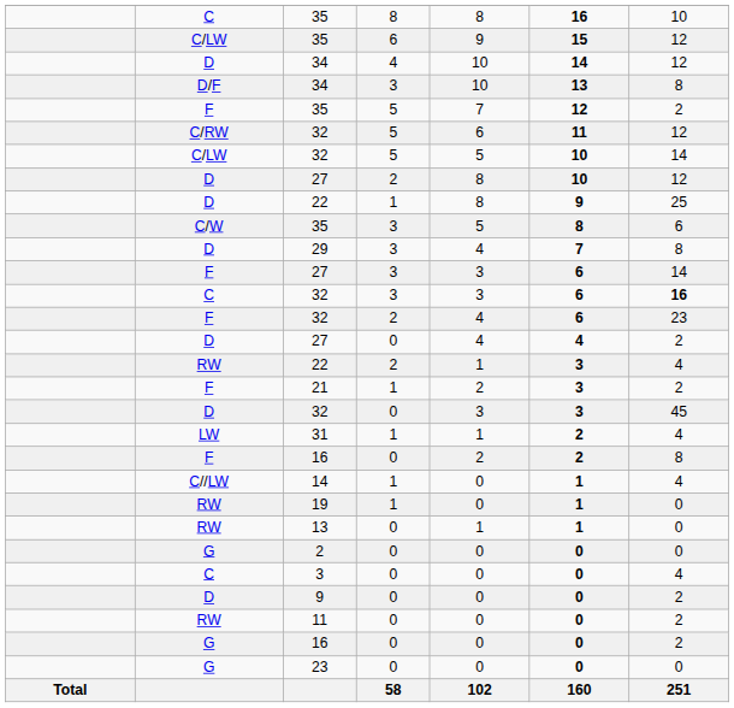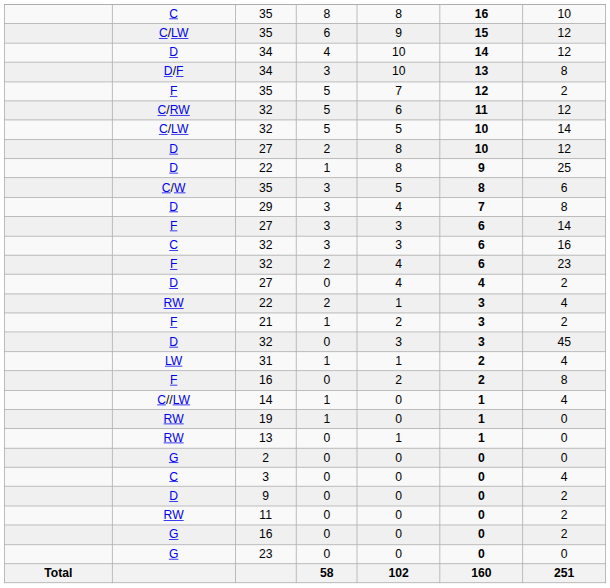 <table class="wikitable sortable" width ="50%">
 <tr align="center">
 </tr>
 <tr align="center" bgcolor="">
 <td></td>
 <td><a href='#'>C</a></td>
 <td>35</td>
 <td>8</td>
 <td>8</td>
 <td><strong>16</strong></td>
 <td>10</td>
 </tr>
 <tr align="center" bgcolor="f0f0f0">
 <td></td>
 <td><a href='#'>C</a>/<a href='#'>LW</a></td>
 <td>35</td>
 <td>6</td>
 <td>9</td>
 <td><strong>15</strong></td>
 <td>12</td>
 </tr>
 <tr align="center" bgcolor="">
 <td></td>
 <td><a href='#'>D</a></td>
 <td>34</td>
 <td>4</td>
 <td>10</td>
 <td><strong>14</strong></td>
 <td>12</td>
 </tr>
 <tr align="center" bgcolor="f0f0f0">
 <td></td>
 <td><a href='#'>D</a>/<a href='#'>F</a></td>
 <td>34</td>
 <td>3</td>
 <td>10</td>
 <td><strong>13</strong></td>
 <td>8</td>
 </tr>
 <tr align="center" bgcolor="">
 <td></td>
 <td><a href='#'>F</a></td>
 <td>35</td>
 <td>5</td>
 <td>7</td>
 <td><strong>12</strong></td>
 <td>2</td>
 </tr>
 <tr align="center" bgcolor="f0f0f0">
 <td></td>
 <td><a href='#'>C</a>/<a href='#'>RW</a></td>
 <td>32</td>
 <td>5</td>
 <td>6</td>
 <td><strong>11</strong></td>
 <td>12</td>
 </tr>
 <tr align="center" bgcolor="">
 <td></td>
 <td><a href='#'>C</a>/<a href='#'>LW</a></td>
 <td>32</td>
 <td>5</td>
 <td>5</td>
 <td><strong>10</strong></td>
 <td>14</td>
 </tr>
 <tr align="center" bgcolor="f0f0f0">
 <td></td>
 <td><a href='#'>D</a></td>
 <td>27</td>
 <td>2</td>
 <td>8</td>
 <td><strong>10</strong></td>
 <td>12</td>
 </tr>
 <tr align="center" bgcolor="">
 <td></td>
 <td><a href='#'>D</a></td>
 <td>22</td>
 <td>1</td>
 <td>8</td>
 <td><strong>9</strong></td>
 <td>25</td>
 </tr>
 <tr align="center" bgcolor="f0f0f0">
 <td></td>
 <td><a href='#'>C</a>/<a href='#'>W</a></td>
 <td>35</td>
 <td>3</td>
 <td>5</td>
 <td><strong>8</strong></td>
 <td>6</td>
 </tr>
 <tr align="center" bgcolor="">
 <td></td>
 <td><a href='#'>D</a></td>
 <td>29</td>
 <td>3</td>
 <td>4</td>
 <td><strong>7</strong></td>
 <td>8</td>
 </tr>
 <tr align="center" bgcolor="f0f0f0">
 <td></td>
 <td><a href='#'>F</a></td>
 <td>27</td>
 <td>3</td>
 <td>3</td>
 <td><strong>6</strong></td>
 <td>14</td>
 </tr>
 <tr align="center" bgcolor="">
 <td></td>
 <td><a href='#'>C</a></td>
 <td>32</td>
 <td>3</td>
 <td>3</td>
 <td><strong>6</strong></td>
-<td><strong>16</strong></td>
+<td>16</td>
 </tr>
 <tr align="center" bgcolor="f0f0f0">
 <td></td>
 <td><a href='#'>F</a></td>
 <td>32</td>
 <td>2</td>
 <td>4</td>
 <td><strong>6</strong></td>
 <td>23</td>
 </tr>
 <tr align="center" bgcolor="">
 <td></td>
 <td><a href='#'>D</a></td>
 <td>27</td>
 <td>0</td>
 <td>4</td>
 <td><strong>4</strong></td>
 <td>2</td>
 </tr>
 <tr align="center" bgcolor="f0f0f0">
 <td></td>
 <td><a href='#'>RW</a></td>
 <td>22</td>
 <td>2</td>
 <td>1</td>
 <td><strong>3</strong></td>
 <td>4</td>
 </tr>
 <tr align="center" bgcolor="">
 <td></td>
 <td><a href='#'>F</a></td>
 <td>21</td>
 <td>1</td>
 <td>2</td>
 <td><strong>3</strong></td>
 <td>2</td>
 </tr>
 <tr align="center" bgcolor="f0f0f0">
 <td></td>
 <td><a href='#'>D</a></td>
 <td>32</td>
 <td>0</td>
 <td>3</td>
 <td><strong>3</strong></td>
 <td>45</td>
 </tr>
 <tr align="center" bgcolor="">
 <td></td>
 <td><a href='#'>LW</a></td>
 <td>31</td>
 <td>1</td>
 <td>1</td>
 <td><strong>2</strong></td>
 <td>4</td>
 </tr>
 <tr align="center" bgcolor="f0f0f0">
 <td></td>
 <td><a href='#'>F</a></td>
 <td>16</td>
 <td>0</td>
 <td>2</td>
 <td><strong>2</strong></td>
 <td>8</td>
 </tr>
 <tr align="center" bgcolor="">
 <td></td>
 <td><a href='#'>C</a>//<a href='#'>LW</a></td>
 <td>14</td>
 <td>1</td>
 <td>0</td>
 <td><strong>1</strong></td>
 <td>4</td>
 </tr>
 <tr align="center" bgcolor="f0f0f0">
 <td></td>
 <td><a href='#'>RW</a></td>
 <td>19</td>
 <td>1</td>
 <td>0</td>
 <td><strong>1</strong></td>
 <td>0</td>
 </tr>
 <tr align="center" bgcolor="">
 <td></td>
 <td><a href='#'>RW</a></td>
 <td>13</td>
 <td>0</td>
 <td>1</td>
 <td><strong>1</strong></td>
 <td>0</td>
 </tr>
 <tr align="center" bgcolor="f0f0f0">
 <td></td>
 <td><a href='#'>G</a></td>
 <td>2</td>
 <td>0</td>
 <td>0</td>
 <td><strong>0</strong></td>
 <td>0</td>
 </tr>
 <tr align="center" bgcolor="">
 <td></td>
 <td><a href='#'>C</a></td>
 <td>3</td>
 <td>0</td>
 <td>0</td>
 <td><strong>0</strong></td>
 <td>4</td>
 </tr>
 <tr align="center" bgcolor="f0f0f0">
 <td></td>
 <td><a href='#'>D</a></td>
 <td>9</td>
 <td>0</td>
 <td>0</td>
 <td><strong>0</strong></td>
 <td>2</td>
 </tr>
 <tr align="center" bgcolor="">
 <td></td>
 <td><a href='#'>RW</a></td>
 <td>11</td>
 <td>0</td>
 <td>0</td>
 <td><strong>0</strong></td>
 <td>2</td>
 </tr>
 <tr align="center" bgcolor="f0f0f0">
 <td></td>
 <td><a href='#'>G</a></td>
 <td>16</td>
 <td>0</td>
 <td>0</td>
 <td><strong>0</strong></td>
 <td>2</td>
 </tr>
 <tr align="center" bgcolor="">
 <td></td>
 <td><a href='#'>G</a></td>
 <td>23</td>
 <td>0</td>
 <td>0</td>
 <td><strong>0</strong></td>
 <td>0</td>
 </tr>
 <tr>
 <th>Total</th>
 <th></th>
 <th></th>
 <th>58</th>
 <th>102</th>
 <th>160</th>
 <th>251</th>
 </tr>
 </table>
